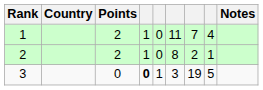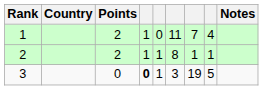 <table class="wikitable sortable" style="text-align: center;">
 <tr>
 <th>Rank</th>
 <th>Country</th>
 <th>Points</th>
 <th></th>
 <th></th>
 <th></th>
 <th></th>
 <th></th>
 <th>Notes</th>
 </tr>
 <tr style="background:#cfc;">
 <td>1</td>
 <td align=left></td>
 <td>2</td>
 <td>1</td>
 <td>0</td>
 <td>11</td>
 <td>7</td>
 <td>4</td>
 <td></td>
 </tr>
 <tr style="background:#cfc;">
 <td>2</td>
 <td align=left></td>
 <td>2</td>
 <td>1</td>
-<td>0</td>
+<td>1</td>
 <td>8</td>
-<td>2</td>
+<td>1</td>
 <td>1</td>
 <td></td>
 </tr>
 <tr>
 <td>3</td>
 <td align=left></td>
 <td>0</td>
 <td><strong>0</strong></td>
 <td>1</td>
 <td>3</td>
 <td>19</td>
 <td>5</td>
 <td></td>
 </tr>
 </table>
